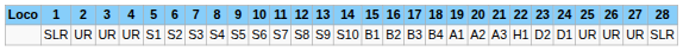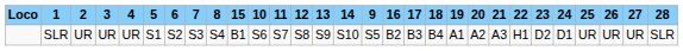 <table class="wikitable plainrowheaders unsortable" style="text-align:center">
 <tr>
 <th scope="col" rowspan="1" style="background:lightskyblue;">Loco</th>
 <th scope="col" rowspan="1" style="background:lightskyblue;">1</th>
 <th scope="col" rowspan="1" style="background:lightskyblue;">2</th>
 <th scope="col" rowspan="1" style="background:lightskyblue;">3</th>
 <th scope="col" rowspan="1" style="background:lightskyblue;">4</th>
 <th scope="col" rowspan="1" style="background:lightskyblue;">5</th>
 <th scope="col" rowspan="1" style="background:lightskyblue;">6</th>
 <th scope="col" rowspan="1" style="background:lightskyblue;">7</th>
 <th scope="col" rowspan="1" style="background:lightskyblue;">8</th>
-<th scope="col" rowspan="1" style="background:lightskyblue;">9</th>
+<th scope="col" rowspan="1" style="background:lightskyblue;">15</th>
 <th scope="col" rowspan="1" style="background:lightskyblue;">10</th>
 <th scope="col" rowspan="1" style="background:lightskyblue;">11</th>
 <th scope="col" rowspan="1" style="background:lightskyblue;">12</th>
 <th scope="col" rowspan="1" style="background:lightskyblue;">13</th>
 <th scope="col" rowspan="1" style="background:lightskyblue;">14</th>
-<th scope="col" rowspan="1" style="background:lightskyblue;">15</th>
+<th scope="col" rowspan="1" style="background:lightskyblue;">9</th>
 <th scope="col" rowspan="1" style="background:lightskyblue;">16</th>
 <th scope="col" rowspan="1" style="background:lightskyblue;">17</th>
 <th scope="col" rowspan="1" style="background:lightskyblue;">18</th>
 <th scope="col" rowspan="1" style="background:lightskyblue;">19</th>
 <th scope="col" rowspan="1" style="background:lightskyblue;">20</th>
 <th scope="col" rowspan="1" style="background:lightskyblue;">21</th>
 <th scope="col" rowspan="1" style="background:lightskyblue;">22</th>
 <th scope="col" rowspan="1" style="background:lightskyblue;">23</th>
 <th scope="col" rowspan="1" style="background:lightskyblue;">24</th>
 <th scope="col" rowspan="1" style="background:lightskyblue;">25</th>
 <th scope="col" rowspan="1" style="background:lightskyblue;">26</th>
 <th scope="col" rowspan="1" style="background:lightskyblue;">27</th>
 <th scope="col" rowspan="1" style="background:lightskyblue;">28</th>
 </tr>
 <tr>
 <td></td>
 <td>SLR</td>
 <td>UR</td>
 <td>UR</td>
 <td>UR</td>
 <td>S1</td>
 <td>S2</td>
 <td>S3</td>
 <td>S4</td>
-<td>S5</td>
+<td>B1</td>
 <td>S6</td>
 <td>S7</td>
 <td>S8</td>
 <td>S9</td>
 <td>S10</td>
-<td>B1</td>
+<td>S5</td>
 <td>B2</td>
 <td>B3</td>
 <td>B4</td>
 <td>A1</td>
 <td>A2</td>
 <td>A3</td>
 <td>H1</td>
 <td>D2</td>
 <td>D1</td>
 <td>UR</td>
 <td>UR</td>
 <td>UR</td>
 <td>SLR</td>
 </tr>
 </table>
